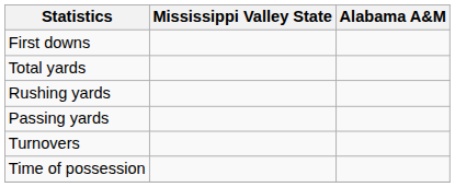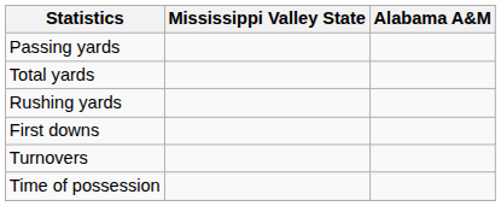 <table class="wikitable">
 <tr>
 <th>Statistics</th>
 <th>Mississippi Valley State</th>
 <th>Alabama A&M</th>
 </tr>
 <tr>
-<td>First downs</td>
+<td>Passing yards</td>
 <td> </td>
 <td> </td>
 </tr>
 <tr>
 <td>Total yards</td>
 <td> </td>
 <td> </td>
 </tr>
 <tr>
 <td>Rushing yards</td>
 <td> </td>
 <td> </td>
 </tr>
 <tr>
-<td>Passing yards</td>
+<td>First downs</td>
 <td> </td>
 <td> </td>
 </tr>
 <tr>
 <td>Turnovers</td>
 <td> </td>
 <td> </td>
 </tr>
 <tr>
 <td>Time of possession</td>
 <td> </td>
 <td> </td>
 </tr>
 <tr>
 </tr>
 </table>
